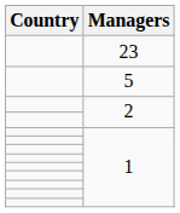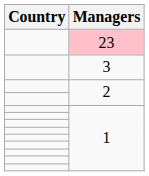 <table class="sortable wikitable" style="text-align: center">
 <tr>
 <th>Country</th>
 <th>Managers</th>
 </tr>
 <tr>
 <td align=left></td>
-<td>23</td>
+<td style="background: pink;">23</td>
 </tr>
 <tr>
 <td align=left></td>
-<td>5</td>
+<td>3</td>
 </tr>
 <tr>
 <td align=left></td>
 <td rowspan=2>2</td>
 </tr>
 <tr>
 <td align=left></td>
 </tr>
 <tr>
 <td align=left></td>
 <td rowspan=10>1</td>
 </tr>
 <tr>
 <td align=left></td>
 </tr>
 <tr>
 <td align=left></td>
 </tr>
 <tr>
 <td align=left></td>
 </tr>
 <tr>
 <td align=left></td>
 </tr>
 <tr>
 <td align=left></td>
 </tr>
 <tr>
 <td align=left></td>
 </tr>
 <tr>
 <td align=left></td>
 </tr>
 <tr>
 <td align=left></td>
 </tr>
 </table>
